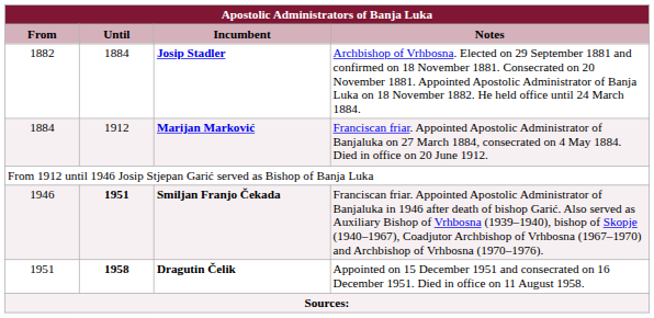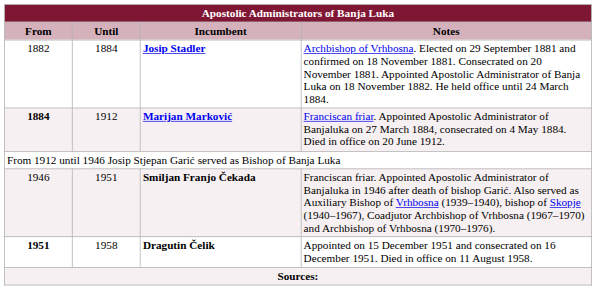 <table class="wikitable" style="width:95%; border:1">
 <tr>
 <th colspan="4" style="background-color: #7F1734; color: white;">Apostolic Administrators of Banja Luka</th>
 </tr>
 <tr>
 <th style="background-color: #D4B1BB; width: 11%;">From</th>
 <th style="background-color: #D4B1BB; width: 11%;">Until</th>
 <th style="background-color: #D4B1BB; width: 26%;">Incumbent</th>
 <th style="background-color: #D4B1BB; width: 47%;">Notes</th>
 </tr>
 <tr valign="top" style="background-color: white;">
 <td style="text-align: center;">1882</td>
 <td style="text-align: center;">1884</td>
 <td><strong><a href='#'>Josip Stadler</a></strong></td>
 <td><a href='#'>Archbishop of Vrhbosna</a>. Elected on 29 September 1881 and confirmed on 18 November 1881. Consecrated on 20 November 1881. Appointed Apostolic Administrator of Banja Luka on 18 November 1882. He held office until 24 March 1884.</td>
 </tr>
 <tr valign="top" style="background-color: #F7F0F2;">
-<td style="text-align: center;">1884</td>
+<td style="text-align: center;"><strong>1884</strong></td>
 <td style="text-align: center;">1912</td>
 <td><strong><a href='#'>Marijan Marković</a></strong></td>
 <td><a href='#'>Franciscan friar</a>. Appointed Apostolic Administrator of Banjaluka on 27 March 1884, consecrated on 4 May 1884. Died in office on 20 June 1912.</td>
 </tr>
 <tr valign="top" style="background-color: white;">
 <td colspan="5">From 1912 until 1946 Josip Stjepan Garić served as Bishop of Banja Luka</td>
 </tr>
 <tr valign="top" style="background-color: #F7F0F2;">
 <td style="text-align: center;">1946</td>
-<td style="text-align: center;"><strong>1951</strong></td>
+<td style="text-align: center;">1951</td>
 <td><strong>Smiljan Franjo Čekada</strong></td>
 <td>Franciscan friar. Appointed Apostolic Administrator of Banjaluka in 1946 after death of bishop Garić. Also served as Auxiliary Bishop of <a href='#'>Vrhbosna</a> (1939–1940), bishop of <a href='#'>Skopje</a> (1940–1967), Coadjutor Archbishop of Vrhbosna (1967–1970) and Archbishop of Vrhbosna (1970–1976).</td>
 </tr>
 <tr valign="top" style="background-color: white;">
-<td style="text-align: center;">1951</td>
-<td style="text-align: center;"><strong>1958</strong></td>
+<td style="text-align: center;"><strong>1951</strong></td>
+<td style="text-align: center;">1958</td>
 <td><strong>Dragutin Čelik</strong></td>
 <td>Appointed on 15 December 1951 and consecrated on 16 December 1951. Died in office on 11 August 1958.</td>
 </tr>
 <tr valign="top" style="background-color: #F7F0F2;">
 <td colspan="5" style="text-align: center;"><strong>Sources:</strong></td>
 </tr>
 </table>
